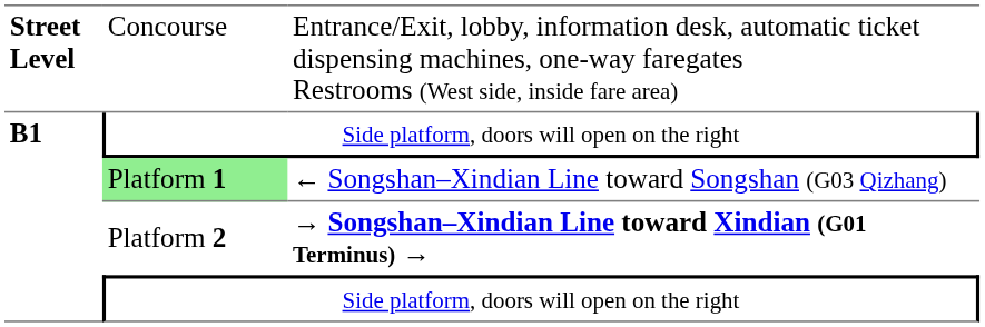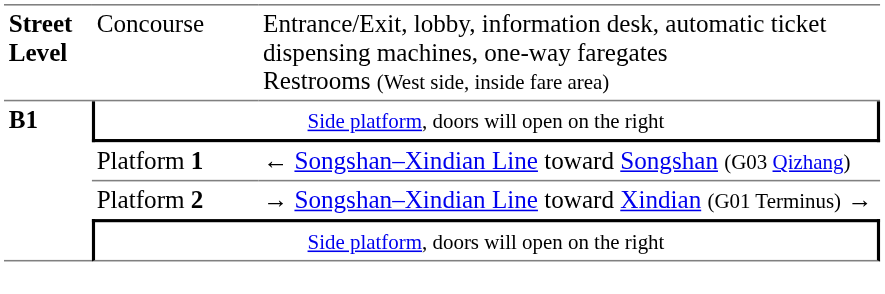 <table table border=0 cellspacing=0 cellpadding=3>
 <tr>
 <td style="border-bottom:solid 1px gray;border-top:solid 1px gray;" width=50 valign=top><strong>Street Level</strong></td>
 <td style="border-top:solid 1px gray;border-bottom:solid 1px gray;" width=100 valign=top>Concourse</td>
 <td style="border-top:solid 1px gray;border-bottom:solid 1px gray;" width=390 valign=top>Entrance/Exit, lobby, information desk, automatic ticket dispensing machines, one-way faregates<br>Restrooms <small>(West side, inside fare area)</small></td>
 </tr>
 <tr>
 <td style="border-bottom:solid 1px gray;" width=50 rowspan=10 valign=top><strong>B1</strong></td>
 </tr>
 <tr>
 <td style="border-right:solid 2px black;border-left:solid 2px black;border-bottom:solid 2px black;text-align:center;" colspan=2><small><a href='#'>Side platform</a>, doors will open on the right</small></td>
 </tr>
 <tr>
-<td style="background: lightgreen; border-bottom:solid 1px gray;" width=100>Platform <span><strong>1</strong></span></td>
+<td style="border-bottom:solid 1px gray;" width=100>Platform <span><strong>1</strong></span></td>
 <td style="border-bottom:solid 1px gray;" width=390>←  <a href='#'>Songshan–Xindian Line</a> toward <a href='#'>Songshan</a> <small>(G03 <a href='#'>Qizhang</a>)</small></td>
 </tr>
 <tr>
 <td>Platform <span><strong>2</strong></span></td>
-<td><strong><span>→</span>  <a href='#'>Songshan–Xindian Line</a> toward <a href='#'>Xindian</a> <small>(G01 Terminus)</small> →</strong></td>
+<td><span>→</span>  <a href='#'>Songshan–Xindian Line</a> toward <a href='#'>Xindian</a> <small>(G01 Terminus)</small> →</td>
 </tr>
 <tr>
 <td style="border-top:solid 2px black;border-right:solid 2px black;border-left:solid 2px black;border-bottom:solid 1px gray;text-align:center;" colspan=2><small><a href='#'>Side platform</a>, doors will open on the right</small></td>
 </tr>
 </table>
